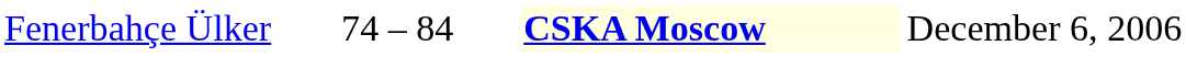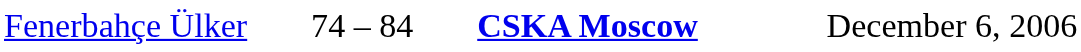 <table style="text-align:center">
 <tr>
 <th width=160></th>
 <th width=100></th>
 <th width=160></th>
 <th width=200></th>
 </tr>
 <tr>
 <td align=right><a href='#'>Fenerbahçe Ülker</a> </td>
 <td>74 – 84</td>
-<td align=left style="background: lightyellow;"> <strong><a href='#'>CSKA Moscow</a></strong></td>
+<td align=left> <strong><a href='#'>CSKA Moscow</a></strong></td>
 <td align=left>December 6, 2006</td>
 </tr>
 </table>
